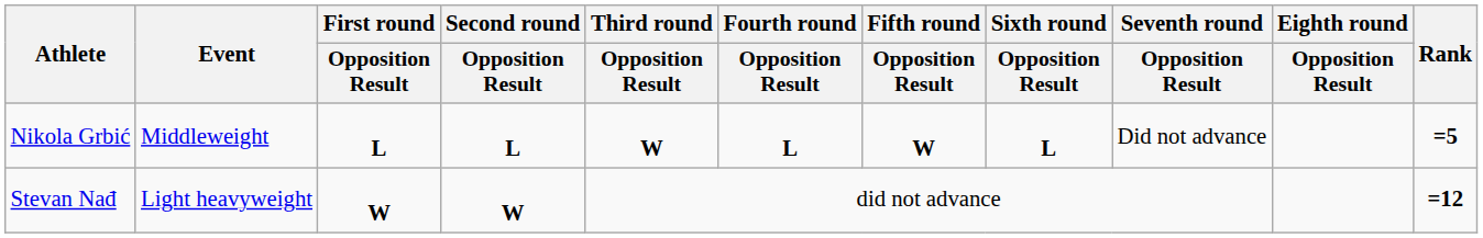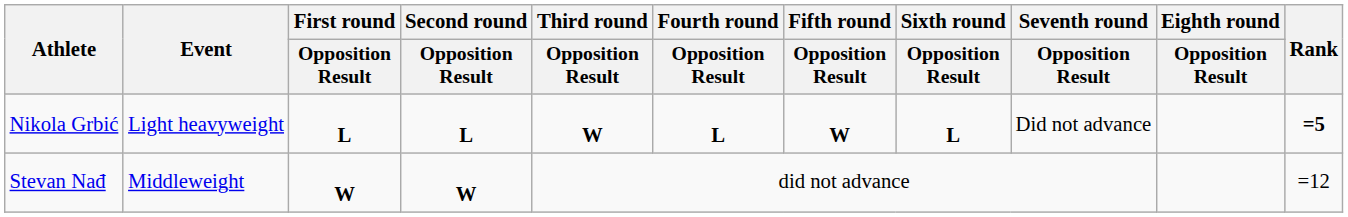 <table class="wikitable" style="font-size:90%;">
 <tr>
 <th rowspan=2>Athlete</th>
 <th rowspan=2>Event</th>
 <th>First round</th>
 <th>Second round</th>
 <th>Third round</th>
 <th>Fourth round</th>
 <th>Fifth round</th>
 <th>Sixth round</th>
 <th>Seventh round</th>
 <th>Eighth round</th>
 <th rowspan=2>Rank</th>
 </tr>
 <tr style="font-size: 95%">
 <th>Opposition<br>Result</th>
 <th>Opposition<br>Result</th>
 <th>Opposition<br>Result</th>
 <th>Opposition<br>Result</th>
 <th>Opposition<br>Result</th>
 <th>Opposition<br>Result</th>
 <th>Opposition<br>Result</th>
 <th>Opposition<br>Result</th>
 </tr>
 <tr align=center>
 <td align=left><a href='#'>Nikola Grbić</a></td>
-<td align=left><a href='#'>Middleweight</a></td>
+<td align=left><a href='#'>Light heavyweight</a></td>
 <td> <br> <strong>L</strong></td>
 <td> <br> <strong>L</strong></td>
 <td> <br> <strong>W</strong></td>
 <td> <br> <strong>L</strong></td>
 <td> <br> <strong>W</strong></td>
 <td> <br> <strong>L</strong></td>
 <td>Did not advance</td>
 <td></td>
 <td><strong>=5</strong></td>
 </tr>
 <tr align=center>
 <td align=left><a href='#'>Stevan Nađ</a></td>
-<td align=left><a href='#'>Light heavyweight</a></td>
+<td align=left><a href='#'>Middleweight</a></td>
 <td> <br> <strong>W</strong></td>
 <td> <br> <strong>W</strong></td>
 <td colspan=5>did not advance</td>
 <td></td>
-<td><strong>=12</strong></td>
+<td>=12</td>
 </tr>
 </table>
